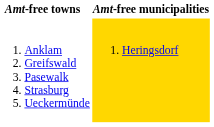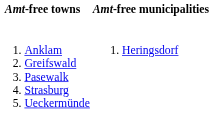 <table>
 <tr ---->
 <th><em>Amt</em>-free towns</th>
 <th><em>Amt</em>-free municipalities</th>
 </tr>
 <tr>
 <td valign=top><br><ol><li><a href='#'>Anklam</a></li><li><a href='#'>Greifswald</a></li><li><a href='#'>Pasewalk</a></li><li><a href='#'>Strasburg</a></li><li><a href='#'>Ueckermünde</a></li></ol></td>
-<td valign=top style="background: gold;"><br><ol><li><a href='#'>Heringsdorf</a></li></ol></td>
+<td valign=top><br><ol><li><a href='#'>Heringsdorf</a></li></ol></td>
 </tr>
 </table>
